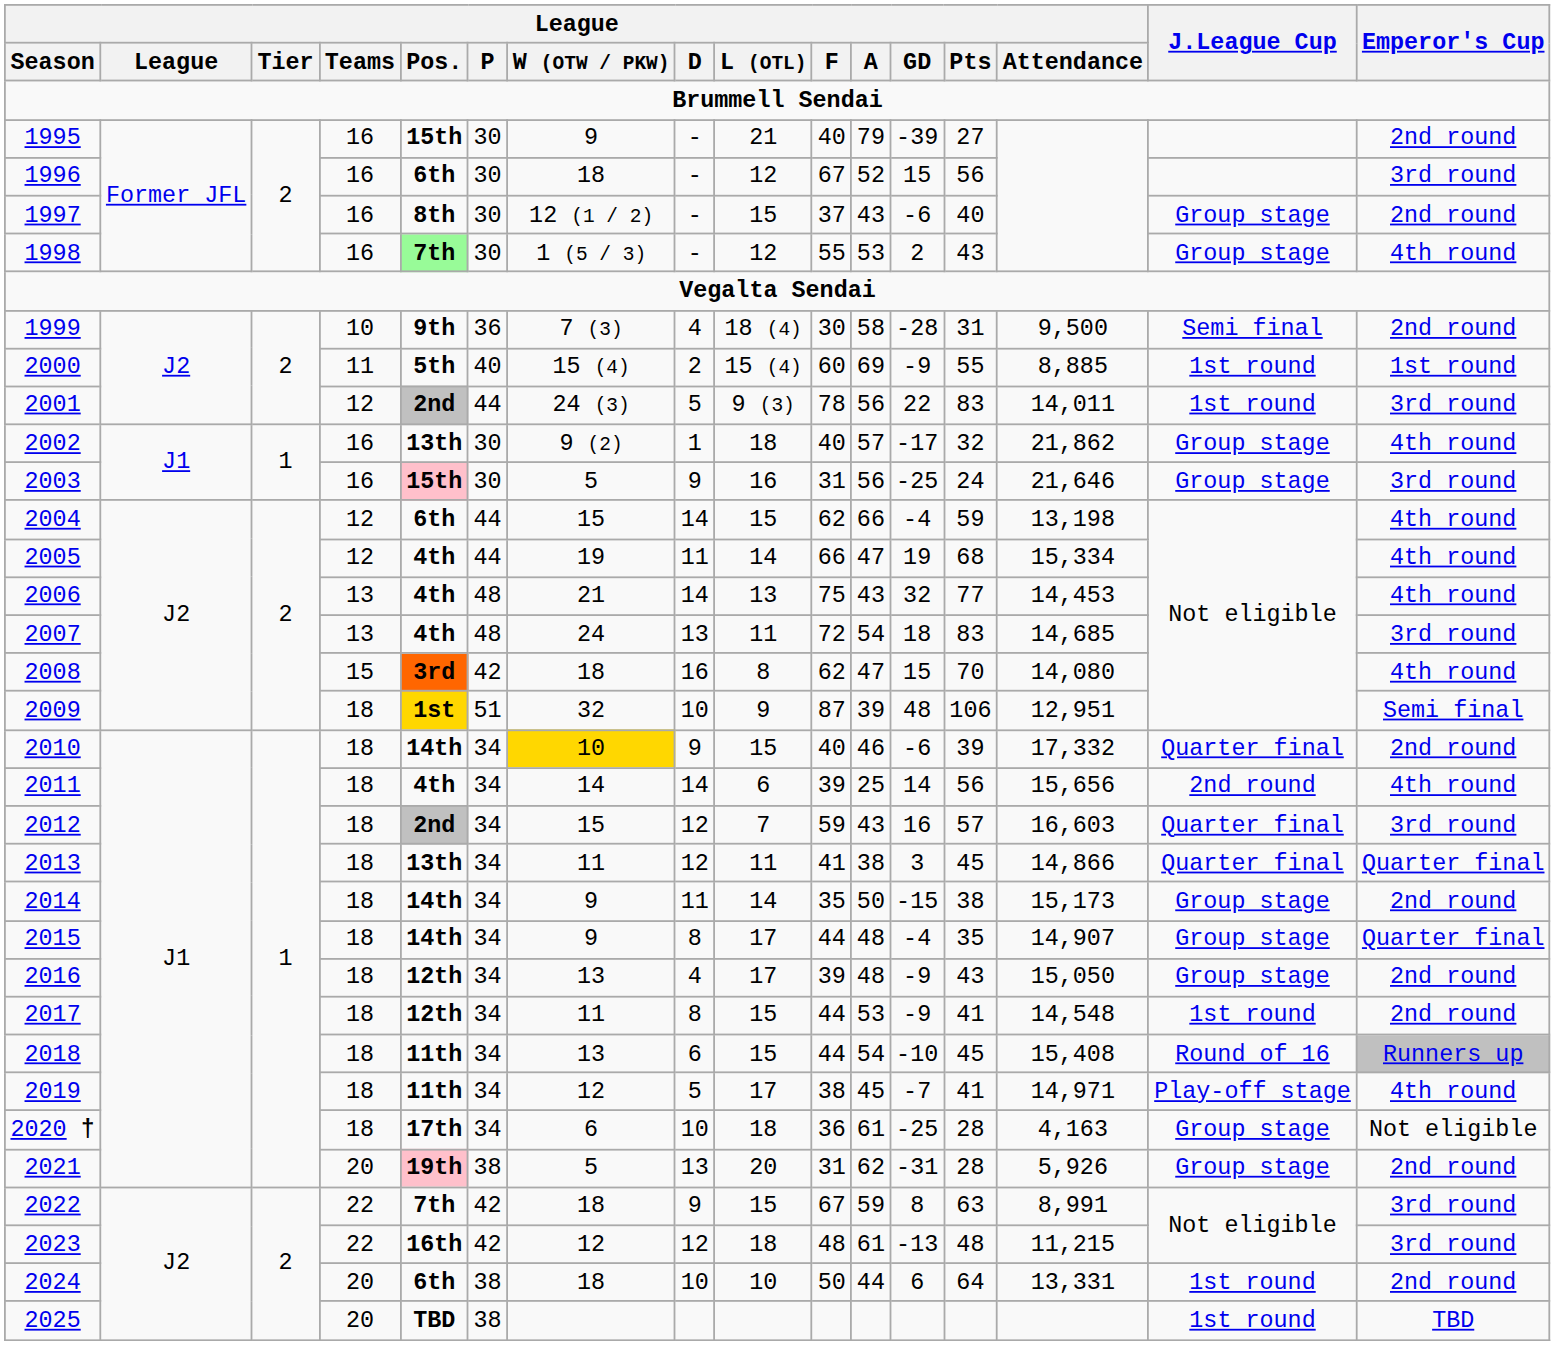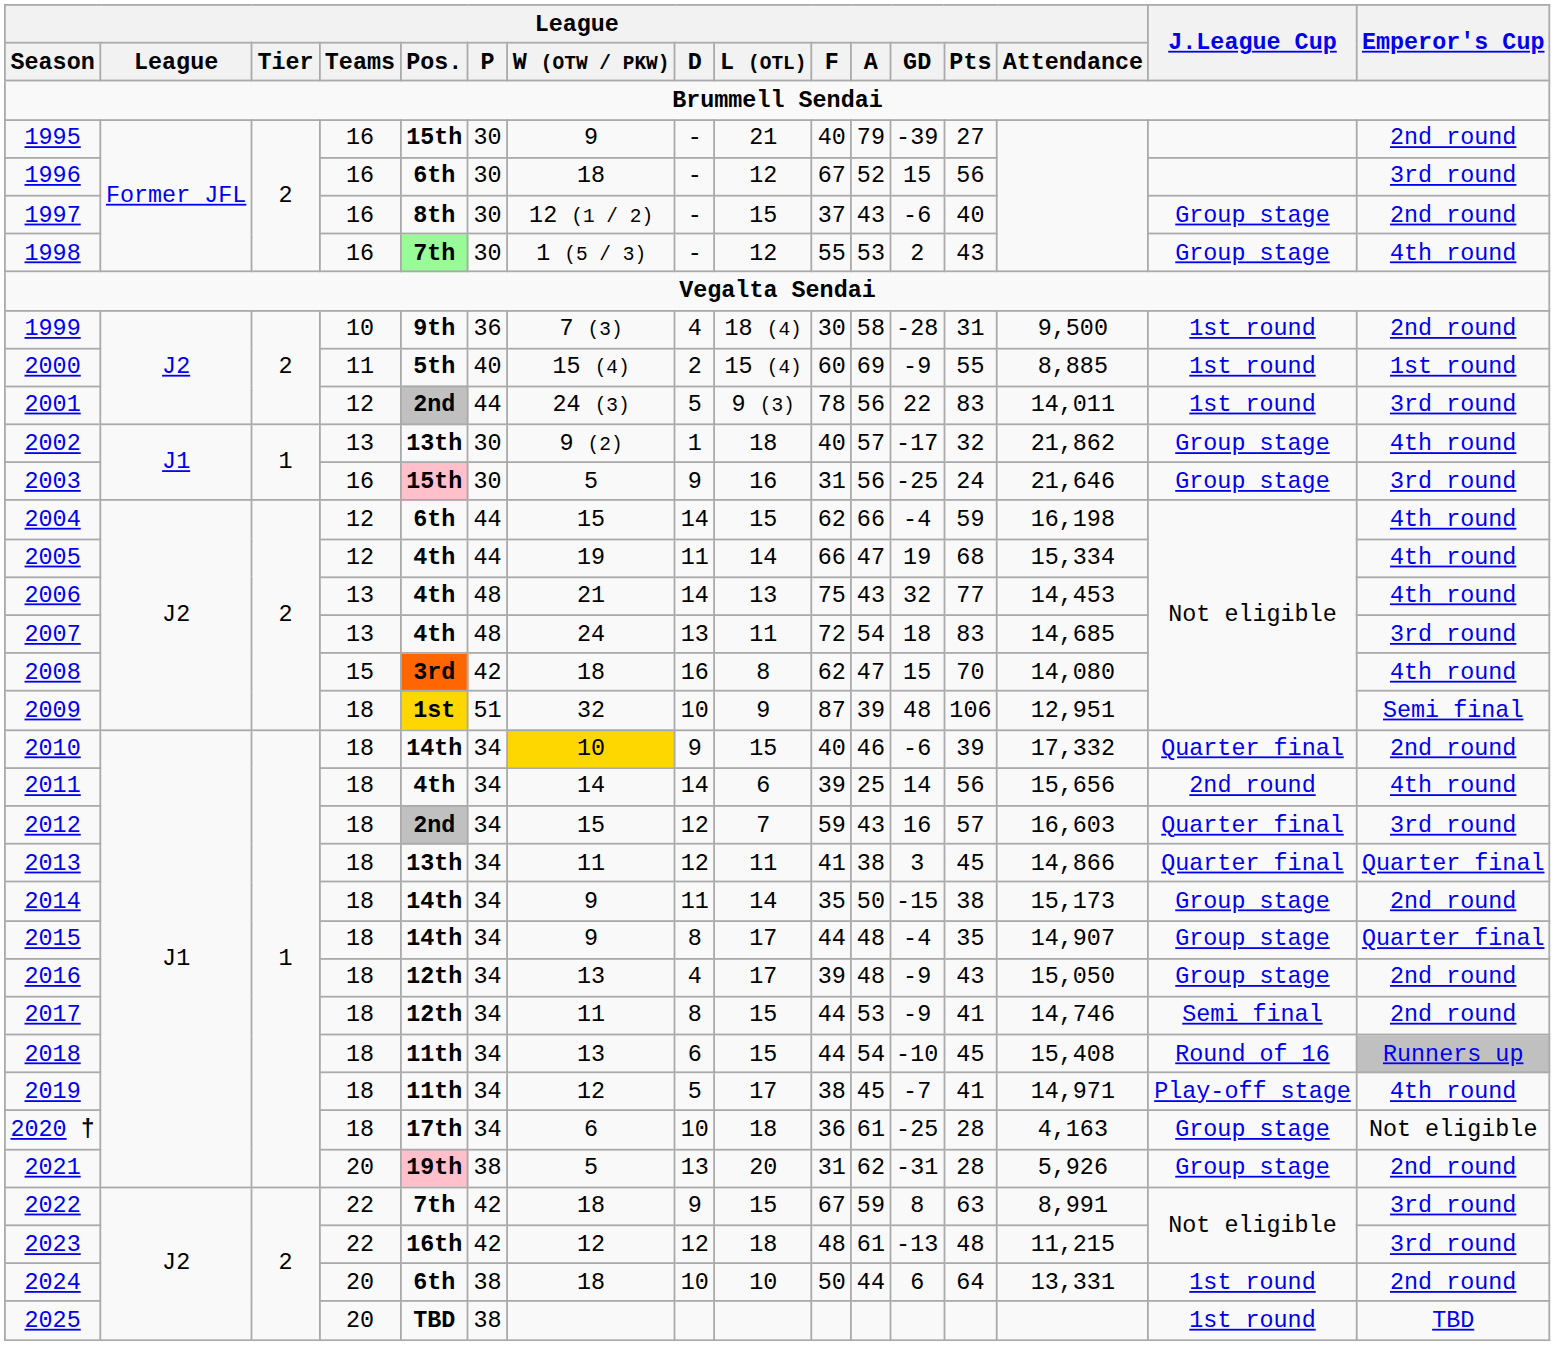 <table class="wikitable" style="text-align:center;">
 <tr>
 <th colspan="14">League</th>
 <th rowspan="2"><a href='#'>J.League Cup</a></th>
 <th rowspan="2"><a href='#'>Emperor's Cup</a></th>
 </tr>
 <tr>
 <th>Season</th>
 <th>League</th>
 <th>Tier</th>
 <th>Teams</th>
 <th>Pos.</th>
 <th>P</th>
 <th>W <small>(OTW / PKW)</small></th>
 <th>D</th>
 <th>L <small>(OTL)</small></th>
 <th>F</th>
 <th>A</th>
 <th>GD</th>
 <th>Pts</th>
 <th>Attendance</th>
 </tr>
 <tr>
 <td colspan="16"><strong>Brummell Sendai</strong></td>
 </tr>
 <tr>
 <td><a href='#'>1995</a></td>
 <td rowspan="4"><a href='#'>Former JFL</a></td>
 <td rowspan="4">2</td>
 <td>16</td>
 <td><strong>15th</strong></td>
 <td>30</td>
 <td>9</td>
 <td>-</td>
 <td>21</td>
 <td>40</td>
 <td>79</td>
 <td>-39</td>
 <td>27</td>
 <td rowspan="4"></td>
 <td></td>
 <td><a href='#'>2nd round</a></td>
 </tr>
 <tr>
 <td><a href='#'>1996</a></td>
 <td>16</td>
 <td><strong>6th</strong></td>
 <td>30</td>
 <td>18</td>
 <td>-</td>
 <td>12</td>
 <td>67</td>
 <td>52</td>
 <td>15</td>
 <td>56</td>
 <td></td>
 <td><a href='#'>3rd  round</a></td>
 </tr>
 <tr>
 <td><a href='#'>1997</a></td>
 <td>16</td>
 <td><strong>8th</strong></td>
 <td>30</td>
 <td>12 <small>(1 / 2)</small></td>
 <td>-</td>
 <td>15</td>
 <td>37</td>
 <td>43</td>
 <td>-6</td>
 <td>40</td>
 <td><a href='#'>Group stage</a></td>
 <td><a href='#'>2nd round</a></td>
 </tr>
 <tr>
 <td><a href='#'>1998</a></td>
 <td>16</td>
 <td bgcolor="palegreen"><strong>7th</strong></td>
 <td>30</td>
 <td>1 <small>(5 / 3)</small></td>
 <td>-</td>
 <td>12</td>
 <td>55</td>
 <td>53</td>
 <td>2</td>
 <td>43</td>
 <td><a href='#'>Group stage</a></td>
 <td><a href='#'>4th round</a></td>
 </tr>
 <tr>
 <td colspan="16"><strong>Vegalta Sendai</strong></td>
 </tr>
 <tr>
 <td><a href='#'>1999</a></td>
 <td rowspan="3"><a href='#'>J2</a></td>
 <td rowspan="3">2</td>
 <td>10</td>
 <td><strong>9th</strong></td>
 <td>36</td>
 <td>7 <small>(3)</small></td>
 <td>4</td>
 <td>18 <small>(4)</small></td>
 <td>30</td>
 <td>58</td>
 <td>-28</td>
 <td>31</td>
 <td>9,500</td>
-<td><a href='#'>Semi final</a></td>
+<td><a href='#'>1st round</a></td>
 <td><a href='#'>2nd round</a></td>
 </tr>
 <tr>
 <td><a href='#'>2000</a></td>
 <td>11</td>
 <td><strong>5th</strong></td>
 <td>40</td>
 <td>15 <small>(4)</small></td>
 <td>2</td>
 <td>15 <small>(4)</small></td>
 <td>60</td>
 <td>69</td>
 <td>-9</td>
 <td>55</td>
 <td>8,885</td>
 <td><a href='#'>1st round</a></td>
 <td><a href='#'>1st round</a></td>
 </tr>
 <tr>
 <td><a href='#'>2001</a></td>
 <td>12</td>
 <td bgcolor="silver"><strong>2nd</strong></td>
 <td>44</td>
 <td>24 <small>(3)</small></td>
 <td>5</td>
 <td>9 <small>(3)</small></td>
 <td>78</td>
 <td>56</td>
 <td>22</td>
 <td>83</td>
 <td>14,011</td>
 <td><a href='#'>1st round</a></td>
 <td><a href='#'>3rd round</a></td>
 </tr>
 <tr>
 <td><a href='#'>2002</a></td>
 <td rowspan="2"><a href='#'>J1</a></td>
 <td rowspan="2">1</td>
-<td>16</td>
+<td>13</td>
 <td><strong>13th</strong></td>
 <td>30</td>
 <td>9 <small>(2)</small></td>
 <td>1</td>
 <td>18</td>
 <td>40</td>
 <td>57</td>
 <td>-17</td>
 <td>32</td>
 <td>21,862</td>
 <td><a href='#'>Group stage</a></td>
 <td><a href='#'>4th round</a></td>
 </tr>
 <tr>
 <td><a href='#'>2003</a></td>
 <td>16</td>
 <td bgcolor="pink"><strong>15th</strong></td>
 <td>30</td>
 <td>5</td>
 <td>9</td>
 <td>16</td>
 <td>31</td>
 <td>56</td>
 <td>-25</td>
 <td>24</td>
 <td>21,646</td>
 <td><a href='#'>Group stage</a></td>
 <td><a href='#'>3rd round</a></td>
 </tr>
 <tr>
 <td><a href='#'>2004</a></td>
 <td rowspan="6">J2</td>
 <td rowspan="6">2</td>
 <td>12</td>
 <td><strong>6th</strong></td>
 <td>44</td>
 <td>15</td>
 <td>14</td>
 <td>15</td>
 <td>62</td>
 <td>66</td>
 <td>-4</td>
 <td>59</td>
-<td>13,198</td>
+<td>16,198</td>
 <td rowspan=6>Not eligible</td>
 <td><a href='#'>4th round</a></td>
 </tr>
 <tr>
 <td><a href='#'>2005</a></td>
 <td>12</td>
 <td><strong>4th</strong></td>
 <td>44</td>
 <td>19</td>
 <td>11</td>
 <td>14</td>
 <td>66</td>
 <td>47</td>
 <td>19</td>
 <td>68</td>
 <td>15,334</td>
 <td><a href='#'>4th round</a></td>
 </tr>
 <tr>
 <td><a href='#'>2006</a></td>
 <td>13</td>
 <td><strong>4th</strong></td>
 <td>48</td>
 <td>21</td>
 <td>14</td>
 <td>13</td>
 <td>75</td>
 <td>43</td>
 <td>32</td>
 <td>77</td>
 <td>14,453</td>
 <td><a href='#'>4th round</a></td>
 </tr>
 <tr>
 <td><a href='#'>2007</a></td>
 <td>13</td>
 <td><strong>4th</strong></td>
 <td>48</td>
 <td>24</td>
 <td>13</td>
 <td>11</td>
 <td>72</td>
 <td>54</td>
 <td>18</td>
 <td>83</td>
 <td>14,685</td>
 <td><a href='#'>3rd round</a></td>
 </tr>
 <tr>
 <td><a href='#'>2008</a></td>
 <td>15</td>
 <td bgcolor="ff6600"><strong>3rd</strong></td>
 <td>42</td>
 <td>18</td>
 <td>16</td>
 <td>8</td>
 <td>62</td>
 <td>47</td>
 <td>15</td>
 <td>70</td>
 <td>14,080</td>
 <td><a href='#'>4th round</a></td>
 </tr>
 <tr>
 <td><a href='#'>2009</a></td>
 <td>18</td>
 <td bgcolor="gold"><strong>1st</strong></td>
 <td>51</td>
 <td>32</td>
 <td>10</td>
 <td>9</td>
 <td>87</td>
 <td>39</td>
 <td>48</td>
 <td>106</td>
 <td>12,951</td>
 <td><a href='#'>Semi final</a></td>
 </tr>
 <tr>
 <td><a href='#'>2010</a></td>
 <td rowspan="12">J1</td>
 <td rowspan="12">1</td>
 <td>18</td>
 <td><strong>14th</strong></td>
 <td>34</td>
 <td style="background: gold;">10</td>
 <td>9</td>
 <td>15</td>
 <td>40</td>
 <td>46</td>
 <td>-6</td>
 <td>39</td>
 <td>17,332</td>
 <td><a href='#'>Quarter final</a></td>
 <td><a href='#'>2nd round</a></td>
 </tr>
 <tr>
 <td><a href='#'>2011</a></td>
 <td>18</td>
 <td><strong>4th</strong></td>
 <td>34</td>
 <td>14</td>
 <td>14</td>
 <td>6</td>
 <td>39</td>
 <td>25</td>
 <td>14</td>
 <td>56</td>
 <td>15,656</td>
 <td><a href='#'>2nd round</a></td>
 <td><a href='#'>4th round</a></td>
 </tr>
 <tr>
 <td><a href='#'>2012</a></td>
 <td>18</td>
 <td bgcolor="silver"><strong>2nd</strong></td>
 <td>34</td>
 <td>15</td>
 <td>12</td>
 <td>7</td>
 <td>59</td>
 <td>43</td>
 <td>16</td>
 <td>57</td>
 <td>16,603</td>
 <td><a href='#'>Quarter final</a></td>
 <td><a href='#'>3rd round</a></td>
 </tr>
 <tr>
 <td><a href='#'>2013</a></td>
 <td>18</td>
 <td><strong>13th</strong></td>
 <td>34</td>
 <td>11</td>
 <td>12</td>
 <td>11</td>
 <td>41</td>
 <td>38</td>
 <td>3</td>
 <td>45</td>
 <td>14,866</td>
 <td><a href='#'>Quarter final</a></td>
 <td><a href='#'>Quarter final</a></td>
 </tr>
 <tr>
 <td><a href='#'>2014</a></td>
 <td>18</td>
 <td><strong>14th</strong></td>
 <td>34</td>
 <td>9</td>
 <td>11</td>
 <td>14</td>
 <td>35</td>
 <td>50</td>
 <td>-15</td>
 <td>38</td>
 <td>15,173</td>
 <td><a href='#'>Group stage</a></td>
 <td><a href='#'>2nd round</a></td>
 </tr>
 <tr>
 <td><a href='#'>2015</a></td>
 <td>18</td>
 <td><strong>14th</strong></td>
 <td>34</td>
 <td>9</td>
 <td>8</td>
 <td>17</td>
 <td>44</td>
 <td>48</td>
 <td>-4</td>
 <td>35</td>
 <td>14,907</td>
 <td><a href='#'>Group stage</a></td>
 <td><a href='#'>Quarter final</a></td>
 </tr>
 <tr>
 <td><a href='#'>2016</a></td>
 <td>18</td>
 <td><strong>12th</strong></td>
 <td>34</td>
 <td>13</td>
 <td>4</td>
 <td>17</td>
 <td>39</td>
 <td>48</td>
 <td>-9</td>
 <td>43</td>
 <td>15,050</td>
 <td><a href='#'>Group stage</a></td>
 <td><a href='#'>2nd round</a></td>
 </tr>
 <tr>
 <td><a href='#'>2017</a></td>
 <td>18</td>
 <td><strong>12th</strong></td>
 <td>34</td>
 <td>11</td>
 <td>8</td>
 <td>15</td>
 <td>44</td>
 <td>53</td>
 <td>-9</td>
 <td>41</td>
-<td>14,548</td>
-<td><a href='#'>1st round</a></td>
+<td>14,746</td>
+<td><a href='#'>Semi final</a></td>
 <td><a href='#'>2nd round</a></td>
 </tr>
 <tr>
 <td><a href='#'>2018</a></td>
 <td>18</td>
 <td><strong>11th</strong></td>
 <td>34</td>
 <td>13</td>
 <td>6</td>
 <td>15</td>
 <td>44</td>
 <td>54</td>
 <td>-10</td>
 <td>45</td>
 <td>15,408</td>
 <td><a href='#'>Round of 16</a></td>
 <td bgcolor=silver><a href='#'>Runners up</a></td>
 </tr>
 <tr>
 <td><a href='#'>2019</a></td>
 <td>18</td>
 <td><strong>11th</strong></td>
 <td>34</td>
 <td>12</td>
 <td>5</td>
 <td>17</td>
 <td>38</td>
 <td>45</td>
 <td>-7</td>
 <td>41</td>
 <td>14,971</td>
 <td><a href='#'>Play-off stage</a></td>
 <td><a href='#'>4th round</a></td>
 </tr>
 <tr>
 <td><a href='#'>2020</a> <strong>†</strong></td>
 <td>18</td>
 <td><strong>17th</strong></td>
 <td>34</td>
 <td>6</td>
 <td>10</td>
 <td>18</td>
 <td>36</td>
 <td>61</td>
 <td>-25</td>
 <td>28</td>
 <td>4,163</td>
 <td><a href='#'>Group stage</a></td>
 <td>Not eligible</td>
 </tr>
 <tr>
 <td><a href='#'>2021</a></td>
 <td>20</td>
 <td bgcolor="pink"><strong>19th</strong></td>
 <td>38</td>
 <td>5</td>
 <td>13</td>
 <td>20</td>
 <td>31</td>
 <td>62</td>
 <td>-31</td>
 <td>28</td>
 <td>5,926</td>
 <td><a href='#'>Group stage</a></td>
 <td><a href='#'>2nd round</a></td>
 </tr>
 <tr>
 <td><a href='#'>2022</a></td>
 <td rowspan="4">J2</td>
 <td rowspan="4">2</td>
 <td>22</td>
 <td><strong>7th</strong></td>
 <td>42</td>
 <td>18</td>
 <td>9</td>
 <td>15</td>
 <td>67</td>
 <td>59</td>
 <td>8</td>
 <td>63</td>
 <td>8,991</td>
 <td rowspan=2>Not eligible</td>
 <td><a href='#'>3rd round</a></td>
 </tr>
 <tr>
 <td><a href='#'>2023</a></td>
 <td>22</td>
 <td><strong>16th</strong></td>
 <td>42</td>
 <td>12</td>
 <td>12</td>
 <td>18</td>
 <td>48</td>
 <td>61</td>
 <td>-13</td>
 <td>48</td>
 <td>11,215</td>
 <td><a href='#'>3rd round</a></td>
 </tr>
 <tr>
 <td><a href='#'>2024</a></td>
 <td>20</td>
 <td><strong>6th</strong></td>
 <td>38</td>
 <td>18</td>
 <td>10</td>
 <td>10</td>
 <td>50</td>
 <td>44</td>
 <td>6</td>
 <td>64</td>
 <td>13,331</td>
 <td><a href='#'>1st round</a></td>
 <td><a href='#'>2nd round</a></td>
 </tr>
 <tr>
 <td><a href='#'>2025</a></td>
 <td>20</td>
 <td><strong>TBD</strong></td>
 <td>38</td>
 <td></td>
 <td></td>
 <td></td>
 <td></td>
 <td></td>
 <td></td>
 <td></td>
 <td></td>
 <td><a href='#'>1st round</a></td>
 <td><a href='#'>TBD</a></td>
 </tr>
 <tr>
 </tr>
 </table>
